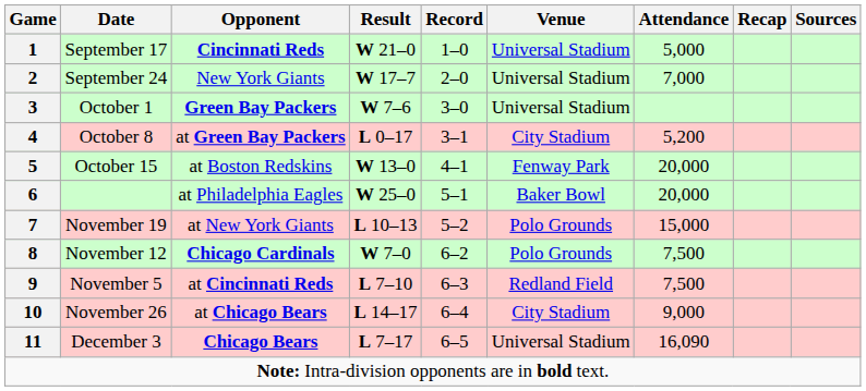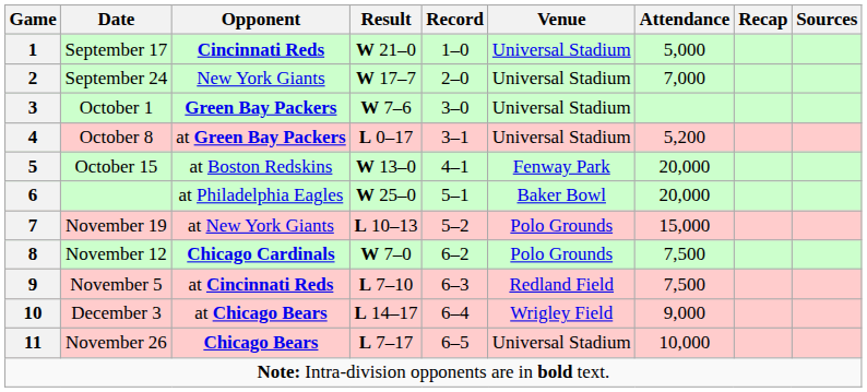 <table class="wikitable" style="text-align:center">
 <tr>
 <th>Game</th>
 <th>Date</th>
 <th>Opponent</th>
 <th>Result</th>
 <th>Record</th>
 <th>Venue</th>
 <th>Attendance</th>
 <th>Recap</th>
 <th>Sources</th>
 </tr>
 <tr style="background:#cfc">
 <th>1</th>
 <td>September 17</td>
 <td><strong><a href='#'>Cincinnati Reds</a></strong></td>
 <td><strong>W</strong> 21–0</td>
 <td>1–0</td>
 <td><a href='#'>Universal Stadium</a></td>
 <td>5,000</td>
 <td></td>
 <td></td>
 </tr>
 <tr style="background:#cfc">
 <th>2</th>
 <td>September 24</td>
 <td><a href='#'>New York Giants</a></td>
 <td><strong>W</strong> 17–7</td>
 <td>2–0</td>
 <td>Universal Stadium</td>
 <td>7,000</td>
 <td></td>
 <td></td>
 </tr>
 <tr style="background:#cfc">
 <th>3</th>
 <td>October 1</td>
 <td><strong><a href='#'>Green Bay Packers</a></strong></td>
 <td><strong>W</strong> 7–6</td>
 <td>3–0</td>
 <td>Universal Stadium</td>
 <td></td>
 <td></td>
 <td></td>
 </tr>
 <tr style="background:#fcc">
 <th>4</th>
 <td>October 8</td>
 <td>at <strong><a href='#'>Green Bay Packers</a></strong></td>
 <td><strong>L</strong> 0–17</td>
 <td>3–1</td>
-<td><a href='#'>City Stadium</a></td>
+<td>Universal Stadium</td>
 <td>5,200</td>
 <td></td>
 <td></td>
 </tr>
 <tr style="background:#cfc">
 <th>5</th>
 <td>October 15</td>
 <td>at <a href='#'>Boston Redskins</a></td>
 <td><strong>W</strong> 13–0</td>
 <td>4–1</td>
 <td><a href='#'>Fenway Park</a></td>
 <td>20,000</td>
 <td></td>
 <td></td>
 </tr>
 <tr style="background:#cfc">
 <th>6</th>
 <td></td>
 <td>at <a href='#'>Philadelphia Eagles</a></td>
 <td><strong>W</strong> 25–0</td>
 <td>5–1</td>
 <td><a href='#'>Baker Bowl</a></td>
 <td>20,000</td>
 <td></td>
 <td></td>
 </tr>
 <tr style="background:#fcc">
 <th>7</th>
 <td>November 19</td>
 <td>at <a href='#'>New York Giants</a></td>
 <td><strong>L</strong> 10–13</td>
 <td>5–2</td>
 <td><a href='#'>Polo Grounds</a></td>
 <td>15,000</td>
 <td></td>
 <td></td>
 </tr>
 <tr style="background:#cfc">
 <th>8</th>
 <td>November 12</td>
 <td><strong><a href='#'>Chicago Cardinals</a></strong></td>
 <td><strong>W</strong> 7–0</td>
 <td>6–2</td>
 <td><a href='#'>Polo Grounds</a></td>
 <td>7,500</td>
 <td></td>
 <td></td>
 </tr>
 <tr style="background:#fcc">
 <th>9</th>
 <td>November 5</td>
 <td>at <strong><a href='#'>Cincinnati Reds</a></strong></td>
 <td><strong>L</strong> 7–10</td>
 <td>6–3</td>
 <td><a href='#'>Redland Field</a></td>
 <td>7,500</td>
 <td></td>
 <td></td>
 </tr>
 <tr style="background:#fcc">
 <th>10</th>
-<td>November 26</td>
+<td>December 3</td>
 <td>at <strong><a href='#'>Chicago Bears</a></strong></td>
 <td><strong>L</strong> 14–17</td>
 <td>6–4</td>
-<td><a href='#'>City Stadium</a></td>
+<td><a href='#'>Wrigley Field</a></td>
 <td>9,000</td>
 <td></td>
 <td></td>
 </tr>
 <tr style="background:#fcc">
 <th>11</th>
-<td>December 3</td>
+<td>November 26</td>
 <td><strong><a href='#'>Chicago Bears</a></strong></td>
 <td><strong>L</strong> 7–17</td>
 <td>6–5</td>
 <td>Universal Stadium</td>
-<td>16,090</td>
+<td>10,000</td>
 <td></td>
 <td></td>
 </tr>
 <tr>
 <td colspan="10"><strong>Note:</strong> Intra-division opponents are in <strong>bold</strong> text.</td>
 </tr>
 </table>
